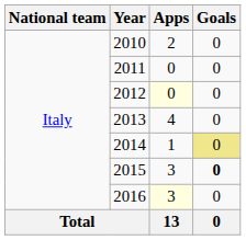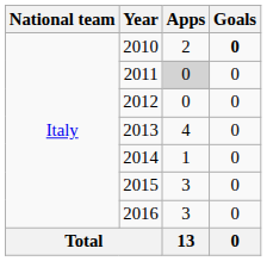 <table class="wikitable" style="text-align:center">
 <tr>
 <th>National team</th>
 <th>Year</th>
 <th>Apps</th>
 <th>Goals</th>
 </tr>
 <tr>
 <td rowspan="7"><a href='#'>Italy</a></td>
 <td>2010</td>
 <td>2</td>
-<td>0</td>
+<td><strong>0</strong></td>
 </tr>
 <tr>
 <td>2011</td>
-<td>0</td>
+<td style="background: lightgrey;">0</td>
 <td>0</td>
 </tr>
 <tr>
 <td>2012</td>
-<td style="background: lightyellow;">0</td>
+<td>0</td>
 <td>0</td>
 </tr>
 <tr>
 <td>2013</td>
 <td>4</td>
 <td>0</td>
 </tr>
 <tr>
 <td>2014</td>
 <td>1</td>
-<td style="background: khaki;">0</td>
+<td>0</td>
 </tr>
 <tr>
 <td>2015</td>
 <td>3</td>
-<td><strong>0</strong></td>
+<td>0</td>
 </tr>
 <tr>
 <td>2016</td>
-<td style="background: lightyellow;">3</td>
+<td>3</td>
 <td>0</td>
 </tr>
 <tr>
 <th colspan="2">Total</th>
 <th>13</th>
 <th>0</th>
 </tr>
 </table>
